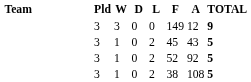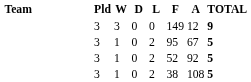 <table>
 <tr>
 <td><br></td>
 </tr>
 <tr border=1 cellpadding=5 cellspacing=0>
 <th width="200">Team</th>
 <th width="20">Pld</th>
 <th width="20">W</th>
 <th width="20">D</th>
 <th width="20">L</th>
 <th width="20">F</th>
 <th width="20">A</th>
 <th width="20">TOTAL</th>
 </tr>
 <tr>
 <td align=left></td>
 <td>3</td>
 <td>3</td>
 <td>0</td>
 <td>0</td>
 <td>149</td>
 <td>12</td>
 <td><strong>9</strong></td>
 </tr>
 <tr>
 <td align=left></td>
 <td>3</td>
 <td>1</td>
 <td>0</td>
 <td>2</td>
-<td>45</td>
-<td>43</td>
+<td>95</td>
+<td>67</td>
 <td><strong>5</strong></td>
 </tr>
 <tr>
 <td align=left></td>
 <td>3</td>
 <td>1</td>
 <td>0</td>
 <td>2</td>
 <td>52</td>
 <td>92</td>
 <td><strong>5</strong></td>
 </tr>
 <tr>
 <td align=left></td>
 <td>3</td>
 <td>1</td>
 <td>0</td>
 <td>2</td>
 <td>38</td>
 <td>108</td>
 <td><strong>5</strong></td>
 </tr>
 </table>
